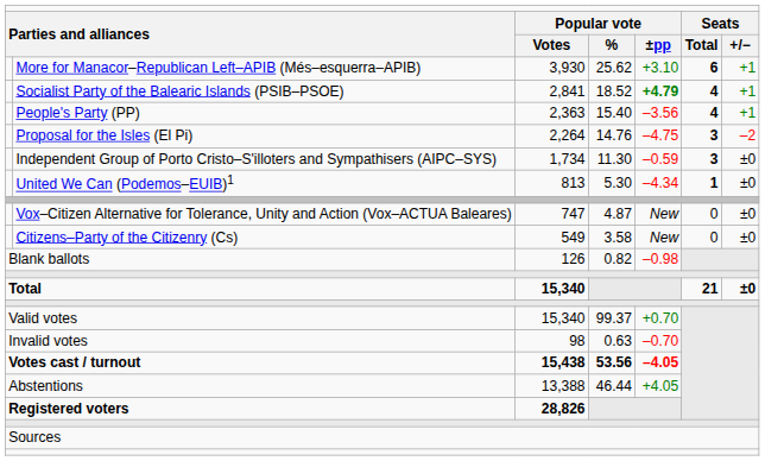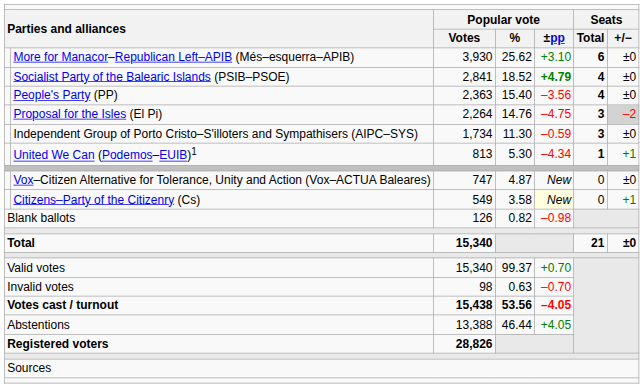 <table class="wikitable" style="text-align:right;">
 <tr>
 <td colspan="7"></td>
 </tr>
 <tr>
 <th style="text-align:left;" rowspan="2" colspan="2" width="525">Parties and alliances</th>
 <th colspan="3">Popular vote</th>
 <th colspan="2">Seats</th>
 </tr>
 <tr>
 <th width="75">Votes</th>
 <th width="45">%</th>
 <th width="45">±<a href='#'>pp</a></th>
 <th width="35">Total</th>
 <th width="35">+/−</th>
 </tr>
 <tr>
 <td width="1" style="color:inherit;background:"></td>
 <td align="left"><a href='#'>More for Manacor</a>–<a href='#'>Republican Left–APIB</a> (Més–esquerra–APIB)</td>
 <td>3,930</td>
 <td>25.62</td>
 <td style="color:green;">+3.10</td>
 <td><strong>6</strong></td>
-<td style="color:green;">+1</td>
+<td>±0</td>
 </tr>
 <tr>
 <td style="color:inherit;background:"></td>
 <td align="left"><a href='#'>Socialist Party of the Balearic Islands</a> (PSIB–PSOE)</td>
 <td>2,841</td>
 <td>18.52</td>
 <td style="color:green;"><strong>+4.79</strong></td>
 <td><strong>4</strong></td>
-<td style="color:green;">+1</td>
+<td>±0</td>
 </tr>
 <tr>
 <td style="color:inherit;background:"></td>
 <td align="left"><a href='#'>People's Party</a> (PP)</td>
 <td>2,363</td>
 <td>15.40</td>
 <td style="color:red;">–3.56</td>
 <td><strong>4</strong></td>
-<td style="color:green;">+1</td>
+<td>±0</td>
 </tr>
 <tr>
 <td style="color:inherit;background:"></td>
 <td align="left"><a href='#'>Proposal for the Isles</a> (El Pi)</td>
 <td>2,264</td>
 <td>14.76</td>
 <td style="color:red;">–4.75</td>
 <td><strong>3</strong></td>
-<td style="color:red;">–2</td>
+<td style="background: lightgrey; color:red;">–2</td>
 </tr>
 <tr>
 <td style="color:inherit;background:"></td>
 <td align="left">Independent Group of Porto Cristo–S'illoters and Sympathisers (AIPC–SYS)</td>
 <td>1,734</td>
 <td>11.30</td>
 <td style="color:red;">–0.59</td>
 <td><strong>3</strong></td>
 <td>±0</td>
 </tr>
 <tr>
 <td style="color:inherit;background:"></td>
 <td align="left"><a href='#'>United We Can</a> (<a href='#'>Podemos</a>–<a href='#'>EUIB</a>)<sup>1</sup></td>
 <td>813</td>
 <td>5.30</td>
 <td style="color:red;">–4.34</td>
 <td><strong>1</strong></td>
-<td>±0</td>
+<td style="color:green;">+1</td>
 </tr>
 <tr>
 <td colspan="7" bgcolor="#C0C0C0"></td>
 </tr>
 <tr>
 <td style="color:inherit;background:"></td>
 <td align="left"><a href='#'>Vox</a>–Citizen Alternative for Tolerance, Unity and Action (Vox–ACTUA Baleares)</td>
 <td>747</td>
 <td>4.87</td>
 <td><em>New</em></td>
 <td>0</td>
 <td>±0</td>
 </tr>
 <tr>
 <td style="color:inherit;background:"></td>
 <td align="left"><a href='#'>Citizens–Party of the Citizenry</a> (Cs)</td>
 <td>549</td>
 <td>3.58</td>
-<td><em>New</em></td>
+<td style="background: lightyellow;"><em>New</em></td>
 <td>0</td>
-<td>±0</td>
+<td style="color:green;">+1</td>
 </tr>
 <tr>
 <td align="left" colspan="2">Blank ballots</td>
 <td>126</td>
 <td>0.82</td>
 <td style="color:red;">–0.98</td>
 <td bgcolor="#E9E9E9" colspan="2"></td>
 </tr>
 <tr>
 <td colspan="7" bgcolor="#E9E9E9"></td>
 </tr>
 <tr style="font-weight:bold;">
 <td align="left" colspan="2">Total</td>
 <td>15,340</td>
 <td bgcolor="#E9E9E9" colspan="2"></td>
 <td>21</td>
 <td>±0</td>
 </tr>
 <tr>
 <td colspan="7" bgcolor="#E9E9E9"></td>
 </tr>
 <tr>
 <td align="left" colspan="2">Valid votes</td>
 <td>15,340</td>
 <td>99.37</td>
 <td style="color:green;">+0.70</td>
 <td bgcolor="#E9E9E9" colspan="2" rowspan="5"></td>
 </tr>
 <tr>
 <td align="left" colspan="2">Invalid votes</td>
 <td>98</td>
 <td>0.63</td>
 <td style="color:red;">–0.70</td>
 </tr>
 <tr style="font-weight:bold;">
 <td align="left" colspan="2">Votes cast / turnout</td>
 <td>15,438</td>
 <td>53.56</td>
 <td style="color:red;">–4.05</td>
 </tr>
 <tr>
 <td align="left" colspan="2">Abstentions</td>
 <td>13,388</td>
 <td>46.44</td>
 <td style="color:green;">+4.05</td>
 </tr>
 <tr style="font-weight:bold;">
 <td align="left" colspan="2">Registered voters</td>
 <td>28,826</td>
 <td bgcolor="#E9E9E9" colspan="2"></td>
 </tr>
 <tr>
 <td colspan="7" bgcolor="#E9E9E9"></td>
 </tr>
 <tr>
 <td align="left" colspan="7">Sources</td>
 </tr>
 <tr>
 <td colspan="7" style="text-align:left; max-width:790px;"></td>
 </tr>
 </table>
